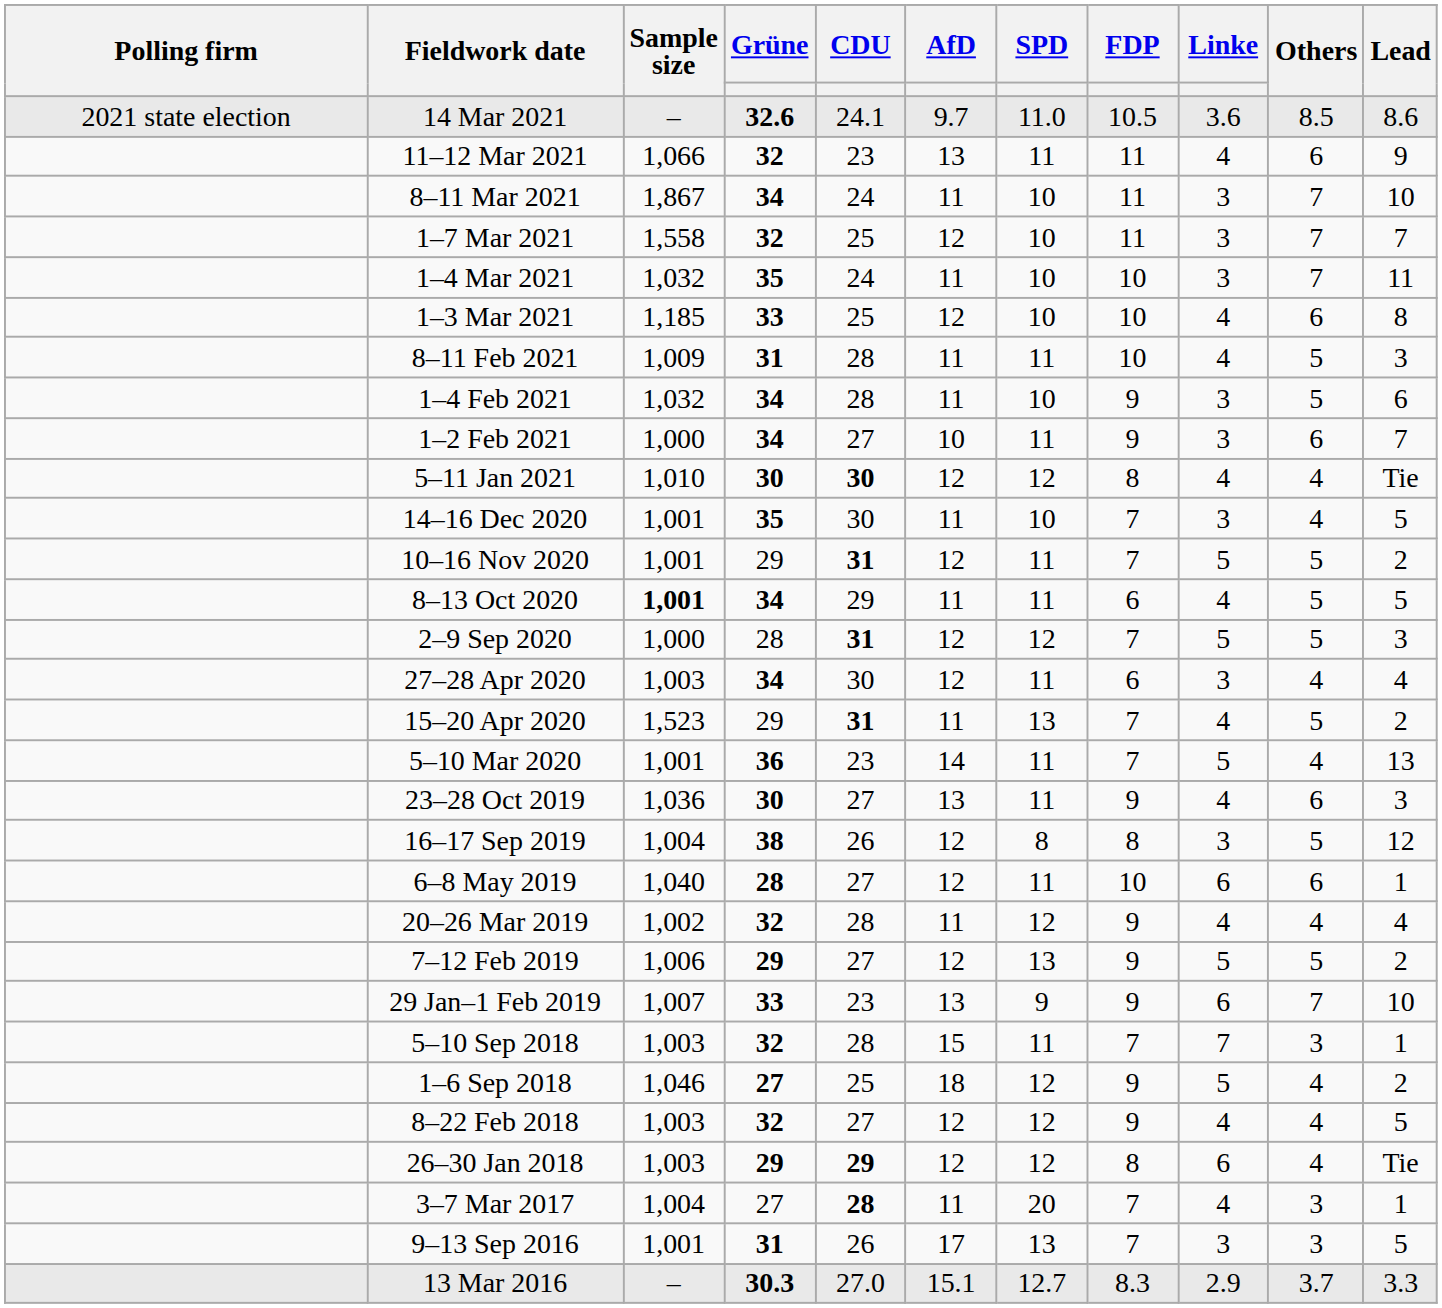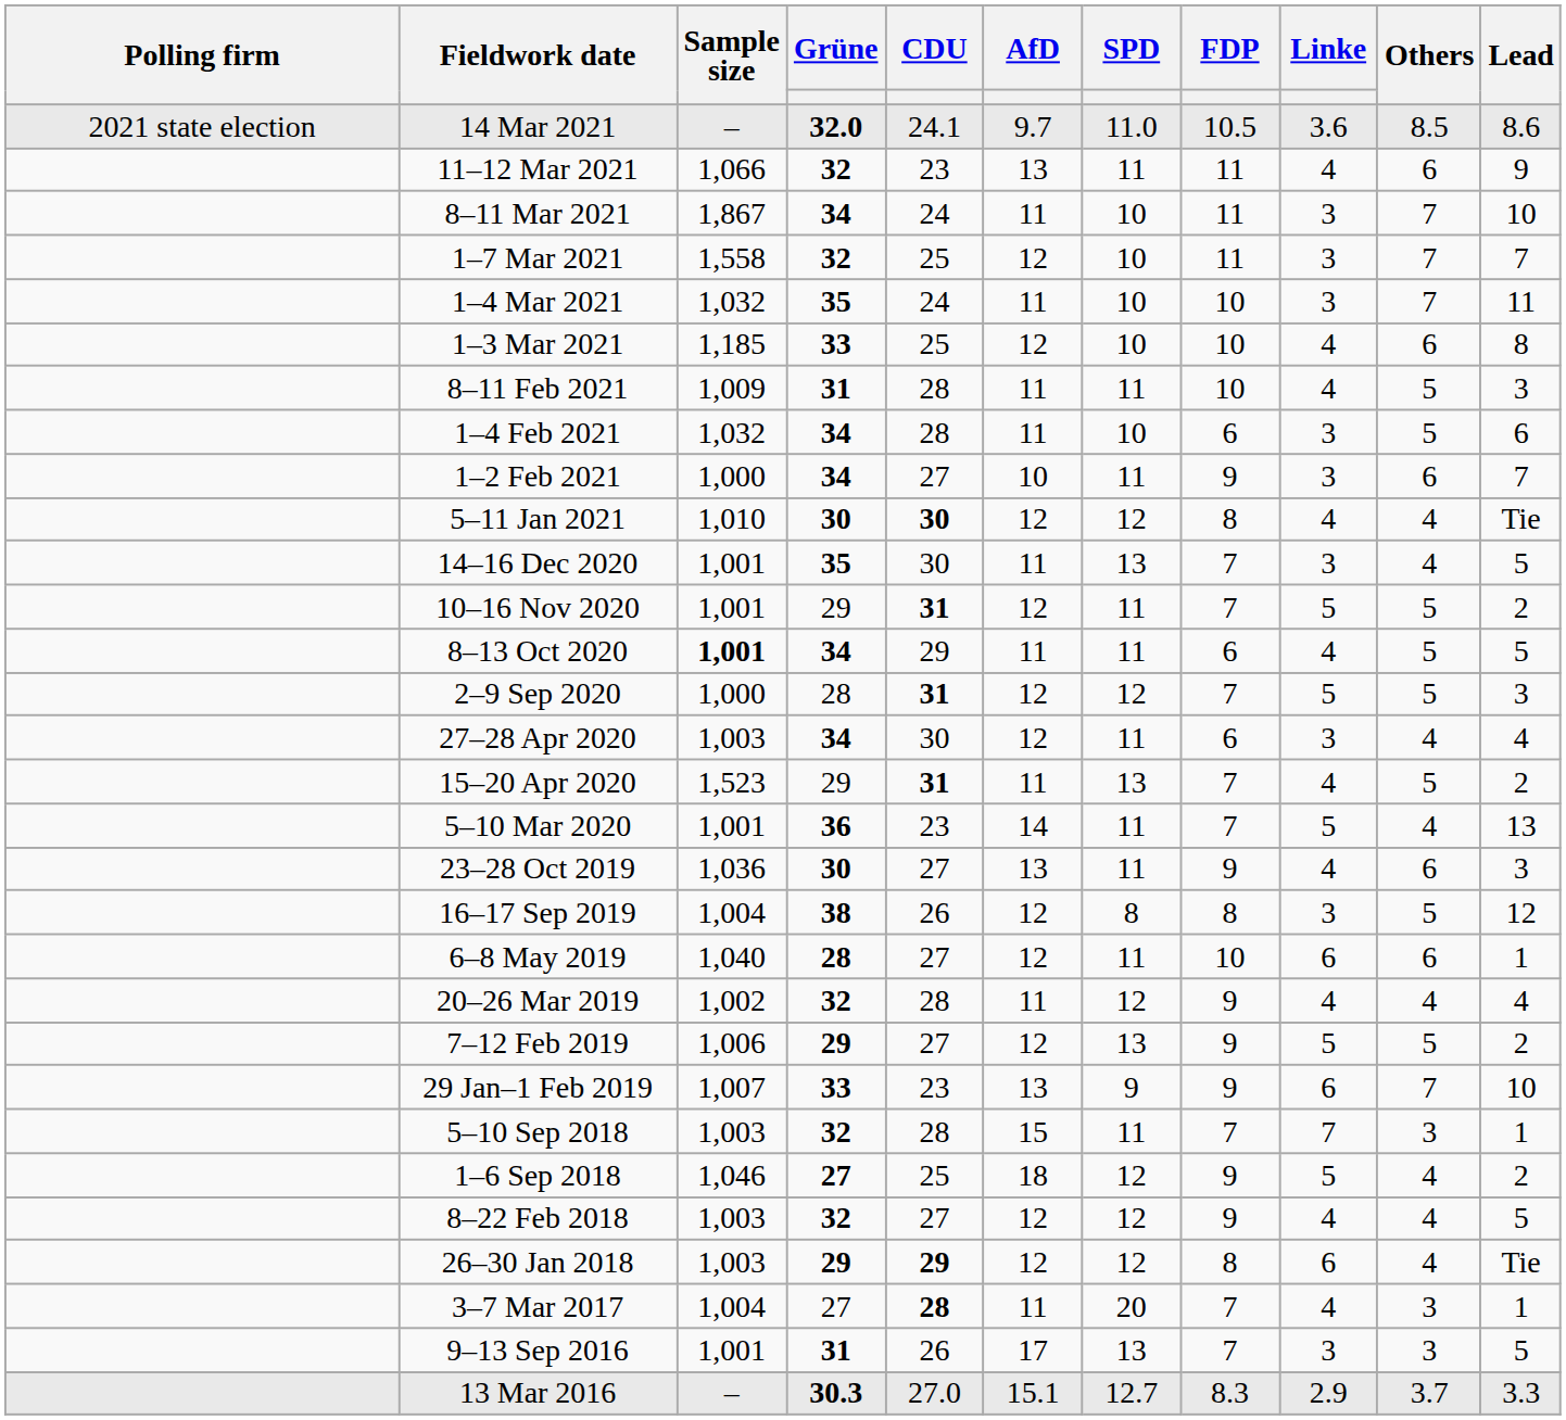 <table class="wikitable sortable" style="text-align:center;font-size:90%;line-height:14px;">
 <tr style="height:40px;">
 <th style="width:180px;" rowspan="2">Polling firm</th>
 <th style="width:125px;" rowspan="2">Fieldwork date</th>
 <th style="width:35px;" rowspan="2">Sample<br>size</th>
 <th class="unsortable" style="width:40px;"><a href='#'>Grüne</a></th>
 <th class="unsortable" style="width:40px;"><a href='#'>CDU</a></th>
 <th class="unsortable" style="width:40px;"><a href='#'>AfD</a></th>
 <th class="unsortable" style="width:40px;"><a href='#'>SPD</a></th>
 <th class="unsortable" style="width:40px;"><a href='#'>FDP</a></th>
 <th class="unsortable" style="width:40px;"><a href='#'>Linke</a></th>
 <th class="unsortable" style="width:40px;" rowspan="2">Others</th>
 <th style="width:30px;" rowspan="2">Lead</th>
 </tr>
 <tr>
 <th style="background:"></th>
 <th style="background:"></th>
 <th style="background:"></th>
 <th style="background:"></th>
 <th style="background:"></th>
 <th style="background:"></th>
 </tr>
 <tr style="background:#E9E9E9;">
 <td>2021 state election</td>
 <td data-sort-value="2021-03-14">14 Mar 2021</td>
 <td>–</td>
-<td><strong>32.6</strong></td>
+<td><strong>32.0</strong></td>
 <td>24.1</td>
 <td>9.7</td>
 <td>11.0</td>
 <td>10.5</td>
 <td>3.6</td>
 <td>8.5</td>
 <td style="background:">8.6</td>
 </tr>
 <tr>
 <td></td>
 <td data-sort-value="2021-03-12">11–12 Mar 2021</td>
 <td>1,066</td>
 <td><strong>32</strong></td>
 <td>23</td>
 <td>13</td>
 <td>11</td>
 <td>11</td>
 <td>4</td>
 <td>6</td>
 <td style="background:">9</td>
 </tr>
 <tr>
 <td></td>
 <td data-sort-value="2021-03-11">8–11 Mar 2021</td>
 <td>1,867</td>
 <td><strong>34</strong></td>
 <td>24</td>
 <td>11</td>
 <td>10</td>
 <td>11</td>
 <td>3</td>
 <td>7</td>
 <td style="background:">10</td>
 </tr>
 <tr>
 <td></td>
 <td data-sort-value="2021-03-10">1–7 Mar 2021</td>
 <td>1,558</td>
 <td><strong>32</strong></td>
 <td>25</td>
 <td>12</td>
 <td>10</td>
 <td>11</td>
 <td>3</td>
 <td>7</td>
 <td style="background:">7</td>
 </tr>
 <tr>
 <td></td>
 <td data-sort-value="2021-03-05">1–4 Mar 2021</td>
 <td>1,032</td>
 <td><strong>35</strong></td>
 <td>24</td>
 <td>11</td>
 <td>10</td>
 <td>10</td>
 <td>3</td>
 <td>7</td>
 <td style="background:">11</td>
 </tr>
 <tr>
 <td></td>
 <td data-sort-value="2021-03-04">1–3 Mar 2021</td>
 <td>1,185</td>
 <td><strong>33</strong></td>
 <td>25</td>
 <td>12</td>
 <td>10</td>
 <td>10</td>
 <td>4</td>
 <td>6</td>
 <td style="background:">8</td>
 </tr>
 <tr>
 <td></td>
 <td data-sort-value="2021-02-13">8–11 Feb 2021</td>
 <td>1,009</td>
 <td><strong>31</strong></td>
 <td>28</td>
 <td>11</td>
 <td>11</td>
 <td>10</td>
 <td>4</td>
 <td>5</td>
 <td style="background:">3</td>
 </tr>
 <tr>
 <td></td>
 <td data-sort-value="2021-02-05">1–4 Feb 2021</td>
 <td>1,032</td>
 <td><strong>34</strong></td>
 <td>28</td>
 <td>11</td>
 <td>10</td>
-<td>9</td>
+<td>6</td>
 <td>3</td>
 <td>5</td>
 <td style="background:">6</td>
 </tr>
 <tr>
 <td></td>
 <td data-sort-value="2020-02-02">1–2 Feb 2021</td>
 <td>1,000</td>
 <td><strong>34</strong></td>
 <td>27</td>
 <td>10</td>
 <td>11</td>
 <td>9</td>
 <td>3</td>
 <td>6</td>
 <td style="background:">7</td>
 </tr>
 <tr>
 <td></td>
 <td>5–11 Jan 2021</td>
 <td>1,010</td>
 <td><strong>30</strong></td>
 <td><strong>30</strong></td>
 <td>12</td>
 <td>12</td>
 <td>8</td>
 <td>4</td>
 <td>4</td>
 <td>Tie</td>
 </tr>
 <tr>
 <td></td>
 <td data-sort-value="2020-12-17">14–16 Dec 2020</td>
 <td>1,001</td>
 <td><strong>35</strong></td>
 <td>30</td>
 <td>11</td>
-<td>10</td>
+<td>13</td>
 <td>7</td>
 <td>3</td>
 <td>4</td>
 <td style="background:">5</td>
 </tr>
 <tr>
 <td></td>
 <td data-sort-value="2020-11-19">10–16 Nov 2020</td>
 <td>1,001</td>
 <td>29</td>
 <td><strong>31</strong></td>
 <td>12</td>
 <td>11</td>
 <td>7</td>
 <td>5</td>
 <td>5</td>
 <td style="background:">2</td>
 </tr>
 <tr>
 <td></td>
 <td data-sort-value="2020-10-15">8–13 Oct 2020</td>
 <td><strong>1,001</strong></td>
 <td><strong>34</strong></td>
 <td>29</td>
 <td>11</td>
 <td>11</td>
 <td>6</td>
 <td>4</td>
 <td>5</td>
 <td style="background:">5</td>
 </tr>
 <tr>
 <td></td>
 <td data-sort-value="2020-09-10">2–9 Sep 2020</td>
 <td>1,000</td>
 <td>28</td>
 <td><strong>31</strong></td>
 <td>12</td>
 <td>12</td>
 <td>7</td>
 <td>5</td>
 <td>5</td>
 <td style="background:">3</td>
 </tr>
 <tr>
 <td></td>
 <td data-sort-value="2020-04-30">27–28 Apr 2020</td>
 <td>1,003</td>
 <td><strong>34</strong></td>
 <td>30</td>
 <td>12</td>
 <td>11</td>
 <td>6</td>
 <td>3</td>
 <td>4</td>
 <td style="background:">4</td>
 </tr>
 <tr>
 <td></td>
 <td data-sort-value="2020-04-22">15–20 Apr 2020</td>
 <td>1,523</td>
 <td>29</td>
 <td><strong>31</strong></td>
 <td>11</td>
 <td>13</td>
 <td>7</td>
 <td>4</td>
 <td>5</td>
 <td style="background:">2</td>
 </tr>
 <tr>
 <td></td>
 <td data-sort-value="2020-03-12">5–10 Mar 2020</td>
 <td>1,001</td>
 <td><strong>36</strong></td>
 <td>23</td>
 <td>14</td>
 <td>11</td>
 <td>7</td>
 <td>5</td>
 <td>4</td>
 <td style="background:">13</td>
 </tr>
 <tr>
 <td></td>
 <td data-sort-value="2019-10-30">23–28 Oct 2019</td>
 <td>1,036</td>
 <td><strong>30</strong></td>
 <td>27</td>
 <td>13</td>
 <td>11</td>
 <td>9</td>
 <td>4</td>
 <td>6</td>
 <td style="background:">3</td>
 </tr>
 <tr>
 <td></td>
 <td data-sort-value="2019-09-19">16–17 Sep 2019</td>
 <td>1,004</td>
 <td><strong>38</strong></td>
 <td>26</td>
 <td>12</td>
 <td>8</td>
 <td>8</td>
 <td>3</td>
 <td>5</td>
 <td style="background:">12</td>
 </tr>
 <tr>
 <td></td>
 <td data-sort-value="2019-05-10">6–8 May 2019</td>
 <td>1,040</td>
 <td><strong>28</strong></td>
 <td>27</td>
 <td>12</td>
 <td>11</td>
 <td>10</td>
 <td>6</td>
 <td>6</td>
 <td style="background:">1</td>
 </tr>
 <tr>
 <td></td>
 <td data-sort-value="2019-03-28">20–26 Mar 2019</td>
 <td>1,002</td>
 <td><strong>32</strong></td>
 <td>28</td>
 <td>11</td>
 <td>12</td>
 <td>9</td>
 <td>4</td>
 <td>4</td>
 <td style="background:">4</td>
 </tr>
 <tr>
 <td></td>
 <td data-sort-value="2019-02-15">7–12 Feb 2019</td>
 <td>1,006</td>
 <td><strong>29</strong></td>
 <td>27</td>
 <td>12</td>
 <td>13</td>
 <td>9</td>
 <td>5</td>
 <td>5</td>
 <td style="background:">2</td>
 </tr>
 <tr>
 <td></td>
 <td data-sort-value="2019-02-04">29 Jan–1 Feb 2019</td>
 <td>1,007</td>
 <td><strong>33</strong></td>
 <td>23</td>
 <td>13</td>
 <td>9</td>
 <td>9</td>
 <td>6</td>
 <td>7</td>
 <td style="background:">10</td>
 </tr>
 <tr>
 <td></td>
 <td data-sort-value="2018-09-12">5–10 Sep 2018</td>
 <td>1,003</td>
 <td><strong>32</strong></td>
 <td>28</td>
 <td>15</td>
 <td>11</td>
 <td>7</td>
 <td>7</td>
 <td>3</td>
 <td style="background:">1</td>
 </tr>
 <tr>
 <td></td>
 <td data-sort-value="2018-09-12">1–6 Sep 2018</td>
 <td>1,046</td>
 <td><strong>27</strong></td>
 <td>25</td>
 <td>18</td>
 <td>12</td>
 <td>9</td>
 <td>5</td>
 <td>4</td>
 <td style="background:">2</td>
 </tr>
 <tr>
 <td></td>
 <td data-sort-value="2018-02-25">8–22 Feb 2018</td>
 <td>1,003</td>
 <td><strong>32</strong></td>
 <td>27</td>
 <td>12</td>
 <td>12</td>
 <td>9</td>
 <td>4</td>
 <td>4</td>
 <td style="background:">5</td>
 </tr>
 <tr>
 <td></td>
 <td data-sort-value="2018-01-31">26–30 Jan 2018</td>
 <td>1,003</td>
 <td><strong>29</strong></td>
 <td><strong>29</strong></td>
 <td>12</td>
 <td>12</td>
 <td>8</td>
 <td>6</td>
 <td>4</td>
 <td data-sort-value="0">Tie</td>
 </tr>
 <tr>
 <td></td>
 <td data-sort-value="2017-03-09">3–7 Mar 2017</td>
 <td>1,004</td>
 <td>27</td>
 <td><strong>28</strong></td>
 <td>11</td>
 <td>20</td>
 <td>7</td>
 <td>4</td>
 <td>3</td>
 <td style="background:">1</td>
 </tr>
 <tr>
 <td></td>
 <td data-sort-value="2016-09-15">9–13 Sep 2016</td>
 <td>1,001</td>
 <td><strong>31</strong></td>
 <td>26</td>
 <td>17</td>
 <td>13</td>
 <td>7</td>
 <td>3</td>
 <td>3</td>
 <td style="background:">5</td>
 </tr>
 <tr style="background:#E9E9E9;">
 <td></td>
 <td data-sort-value="2016-03-13">13 Mar 2016</td>
 <td>–</td>
 <td><strong>30.3</strong></td>
 <td>27.0</td>
 <td>15.1</td>
 <td>12.7</td>
 <td>8.3</td>
 <td>2.9</td>
 <td>3.7</td>
 <td style="background:">3.3</td>
 </tr>
 </table>
